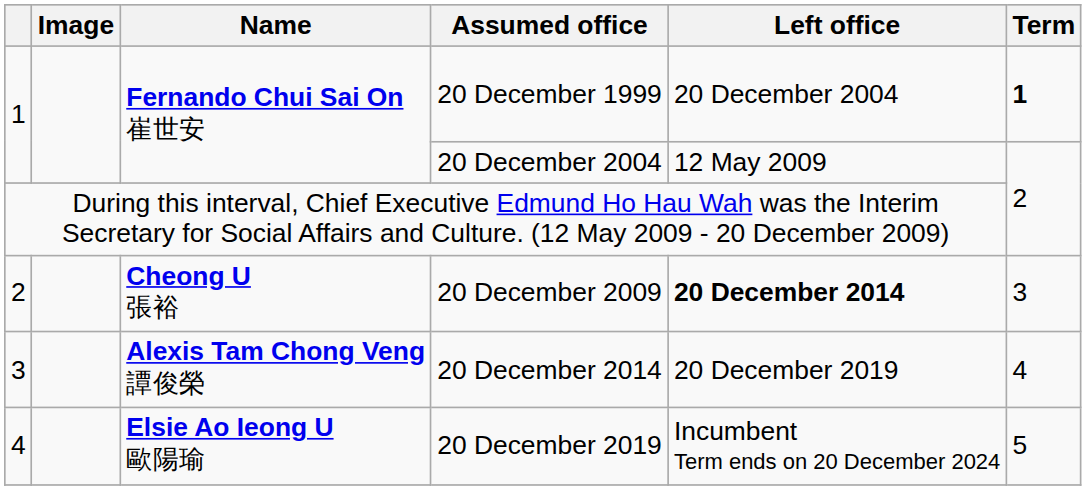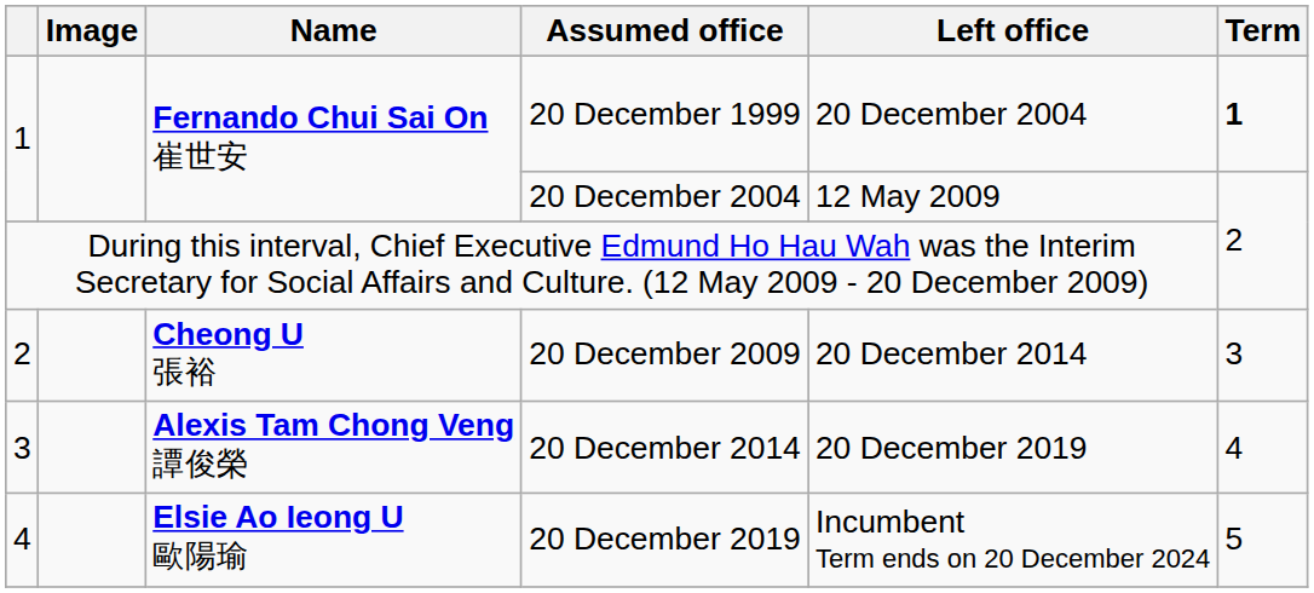 <table class="wikitable">
 <tr>
 <th></th>
 <th>Image</th>
 <th>Name</th>
 <th>Assumed office</th>
 <th>Left office</th>
 <th>Term</th>
 </tr>
 <tr>
 <td rowspan=2>1</td>
 <td rowspan=2></td>
 <td rowspan=2><strong><a href='#'>Fernando Chui Sai On</a></strong><br><span>崔世安</span></td>
 <td height="50">20 December 1999</td>
 <td>20 December 2004</td>
 <td><strong>1</strong></td>
 </tr>
 <tr>
 <td>20 December 2004</td>
 <td>12 May 2009</td>
 <td rowspan=2>2</td>
 </tr>
 <tr>
 <td colspan=5 align=center>During this interval, Chief Executive <a href='#'>Edmund Ho Hau Wah</a> was the Interim<br> Secretary for Social Affairs and Culture. (12 May 2009 - 20 December 2009)</td>
 </tr>
 <tr>
 <td>2</td>
 <td></td>
 <td><strong><a href='#'>Cheong U</a></strong><br><span>張裕</span></td>
 <td>20 December 2009</td>
-<td><strong>20 December 2014</strong></td>
+<td>20 December 2014</td>
 <td>3</td>
 </tr>
 <tr>
 <td>3</td>
 <td></td>
 <td><strong><a href='#'>Alexis Tam Chong Veng</a></strong><br><span>譚俊榮</span></td>
 <td>20 December 2014</td>
 <td>20 December 2019</td>
 <td>4</td>
 </tr>
 <tr>
 <td>4</td>
 <td></td>
 <td><strong><a href='#'>Elsie Ao Ieong U</a></strong><br><span>歐陽瑜</span></td>
 <td>20 December 2019</td>
 <td>Incumbent<br><small>Term ends on 20 December 2024</small></td>
 <td>5</td>
 </tr>
 </table>
